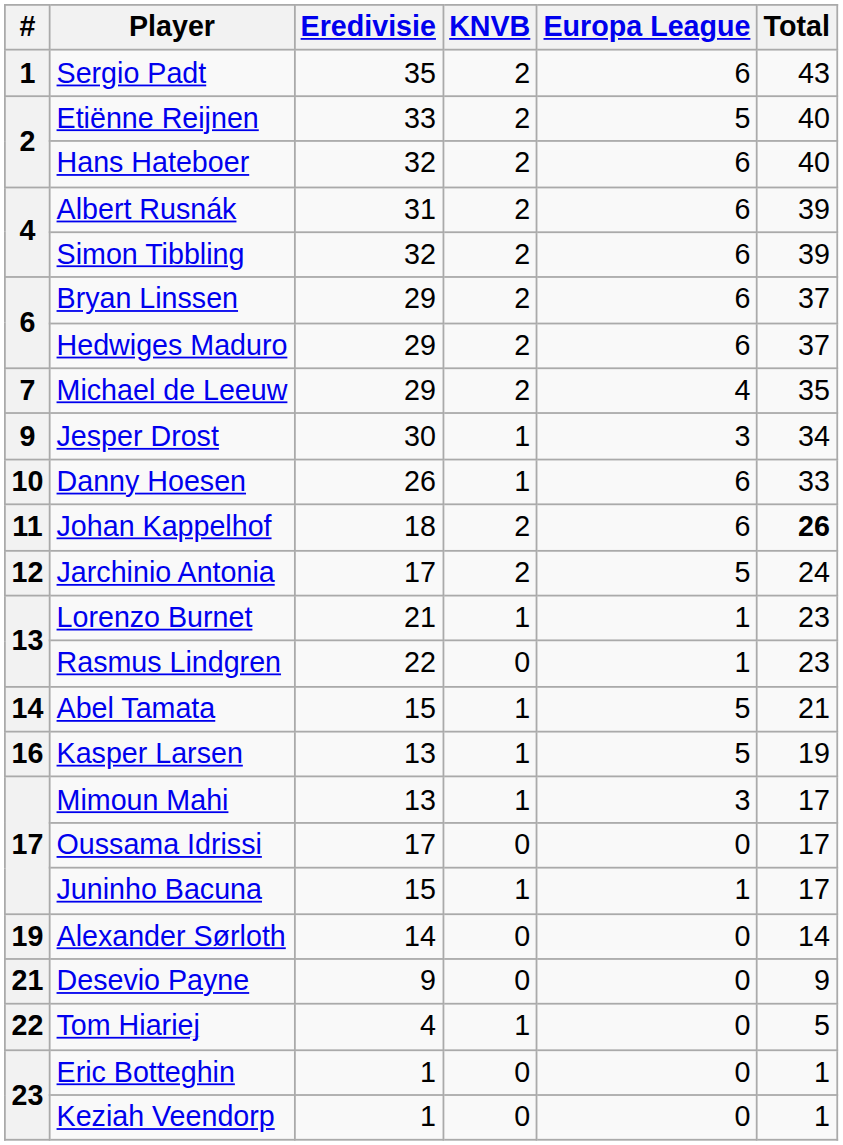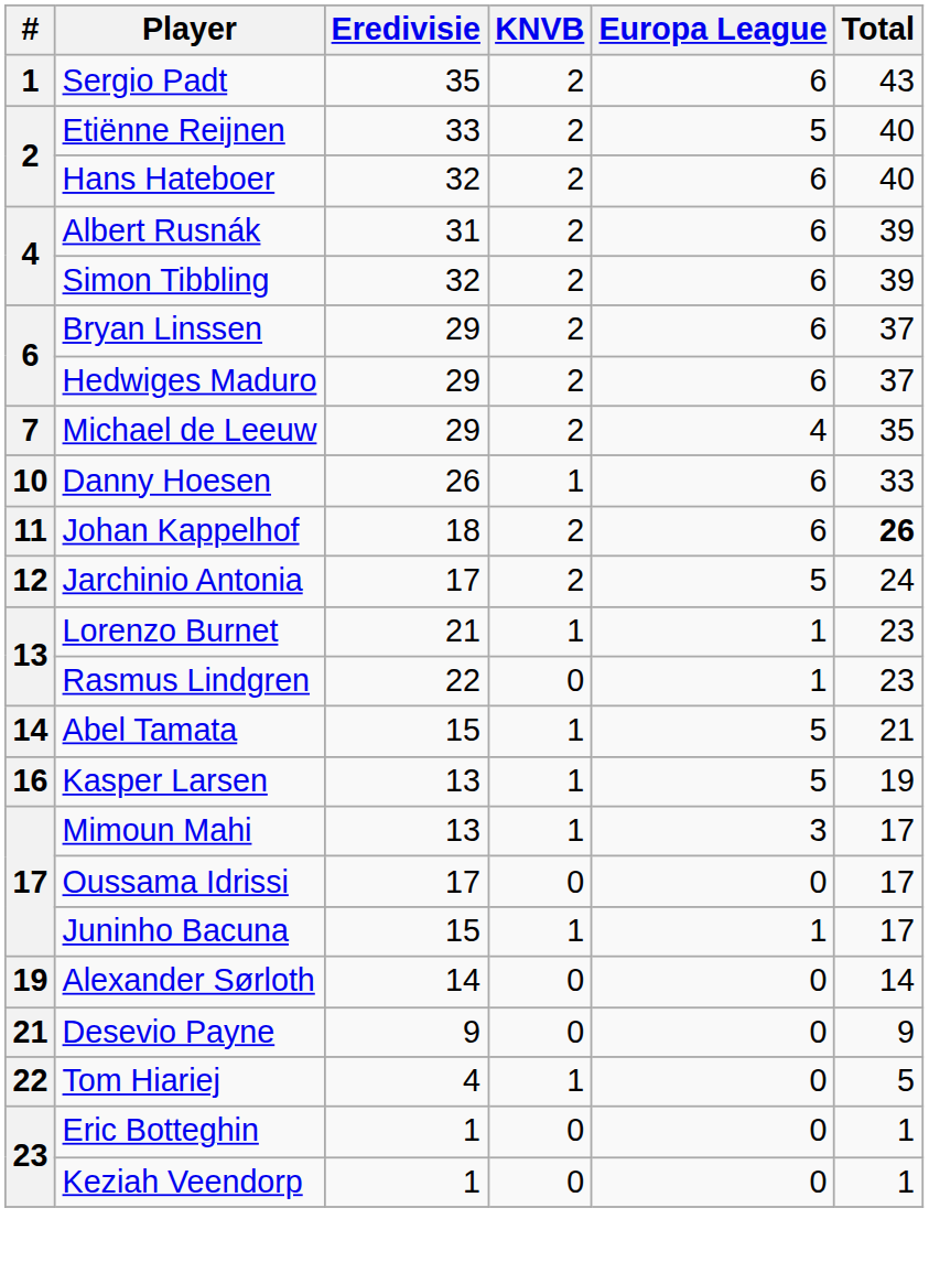 <table class="wikitable" style="text-align:right;">
 <tr>
 <th>#</th>
 <th>Player</th>
 <th><a href='#'>Eredivisie</a></th>
 <th><a href='#'>KNVB</a></th>
 <th><a href='#'>Europa League</a></th>
 <th>Total</th>
 </tr>
 <tr>
 <th align=center>1</th>
 <td align=left> <a href='#'>Sergio Padt</a></td>
 <td>35</td>
 <td>2</td>
 <td>6</td>
 <td>43</td>
 </tr>
 <tr>
 <th align=center rowspan=2>2</th>
 <td align=left> <a href='#'>Etiënne Reijnen</a></td>
 <td>33</td>
 <td>2</td>
 <td>5</td>
 <td>40</td>
 </tr>
 <tr>
 <td align=left> <a href='#'>Hans Hateboer</a></td>
 <td>32</td>
 <td>2</td>
 <td>6</td>
 <td>40</td>
 </tr>
 <tr>
 <th align=center rowspan=2>4</th>
 <td align=left> <a href='#'>Albert Rusnák</a></td>
 <td>31</td>
 <td>2</td>
 <td>6</td>
 <td>39</td>
 </tr>
 <tr>
 <td align=left> <a href='#'>Simon Tibbling</a></td>
 <td>32</td>
 <td>2</td>
 <td>6</td>
 <td>39</td>
 </tr>
 <tr>
 <th align=center rowspan=2>6</th>
 <td align=left> <a href='#'>Bryan Linssen</a></td>
 <td>29</td>
 <td>2</td>
 <td>6</td>
 <td>37</td>
 </tr>
 <tr>
 <td align=left> <a href='#'>Hedwiges Maduro</a></td>
 <td>29</td>
 <td>2</td>
 <td>6</td>
 <td>37</td>
 </tr>
 <tr>
 <th align=center>7</th>
 <td align=left> <a href='#'>Michael de Leeuw</a></td>
 <td>29</td>
 <td>2</td>
 <td>4</td>
 <td>35</td>
-</tr>
-<tr>
-<th align=center>9</th>
-<td align=left> <a href='#'>Jesper Drost</a></td>
-<td>30</td>
-<td>1</td>
-<td>3</td>
-<td>34</td>
 </tr>
 <tr>
 <th align=center>10</th>
 <td align=left> <a href='#'>Danny Hoesen</a></td>
 <td>26</td>
 <td>1</td>
 <td>6</td>
 <td>33</td>
 </tr>
 <tr>
 <th align=center>11</th>
 <td align=left> <a href='#'>Johan Kappelhof</a></td>
 <td>18</td>
 <td>2</td>
 <td>6</td>
 <td><strong>26</strong></td>
 </tr>
 <tr>
 <th align=center>12</th>
 <td align=left> <a href='#'>Jarchinio Antonia</a></td>
 <td>17</td>
 <td>2</td>
 <td>5</td>
 <td>24</td>
 </tr>
 <tr>
 <th align=center rowspan=2>13</th>
 <td align=left> <a href='#'>Lorenzo Burnet</a></td>
 <td>21</td>
 <td>1</td>
 <td>1</td>
 <td>23</td>
 </tr>
 <tr>
 <td align=left> <a href='#'>Rasmus Lindgren</a></td>
 <td>22</td>
 <td>0</td>
 <td>1</td>
 <td>23</td>
 </tr>
 <tr>
 <th align=center>14</th>
 <td align=left> <a href='#'>Abel Tamata</a></td>
 <td>15</td>
 <td>1</td>
 <td>5</td>
 <td>21</td>
 </tr>
 <tr>
 <th align=center>16</th>
 <td align=left> <a href='#'>Kasper Larsen</a></td>
 <td>13</td>
 <td>1</td>
 <td>5</td>
 <td>19</td>
 </tr>
 <tr>
 <th align=center rowspan=3>17</th>
 <td align=left> <a href='#'>Mimoun Mahi</a></td>
 <td>13</td>
 <td>1</td>
 <td>3</td>
 <td>17</td>
 </tr>
 <tr>
 <td align=left> <a href='#'>Oussama Idrissi</a></td>
 <td>17</td>
 <td>0</td>
 <td>0</td>
 <td>17</td>
 </tr>
 <tr>
 <td align=left> <a href='#'>Juninho Bacuna</a></td>
 <td>15</td>
 <td>1</td>
 <td>1</td>
 <td>17</td>
 </tr>
 <tr>
 <th align=center>19</th>
 <td align=left> <a href='#'>Alexander Sørloth</a></td>
 <td>14</td>
 <td>0</td>
 <td>0</td>
 <td>14</td>
 </tr>
 <tr>
 <th align=center>21</th>
 <td align=left> <a href='#'>Desevio Payne</a></td>
 <td>9</td>
 <td>0</td>
 <td>0</td>
 <td>9</td>
 </tr>
 <tr>
 <th align=center>22</th>
 <td align=left> <a href='#'>Tom Hiariej</a></td>
 <td>4</td>
 <td>1</td>
 <td>0</td>
 <td>5</td>
 </tr>
 <tr>
 <th align=center rowspan=2>23</th>
 <td align=left> <a href='#'>Eric Botteghin</a></td>
 <td>1</td>
 <td>0</td>
 <td>0</td>
 <td>1</td>
 </tr>
 <tr>
 <td align=left> <a href='#'>Keziah Veendorp</a></td>
 <td>1</td>
 <td>0</td>
 <td>0</td>
 <td>1</td>
 </tr>
 </table>
